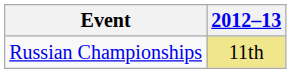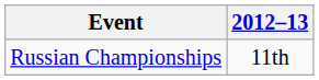 <table class="wikitable" style="text-align:center">
 <tr>
 <th>Event</th>
 <th><a href='#'>2012–13</a></th>
 </tr>
 <tr>
 <td align=left><a href='#'>Russian Championships</a></td>
-<td style="background: khaki;">11th</td>
+<td>11th</td>
 </tr>
 </table>
